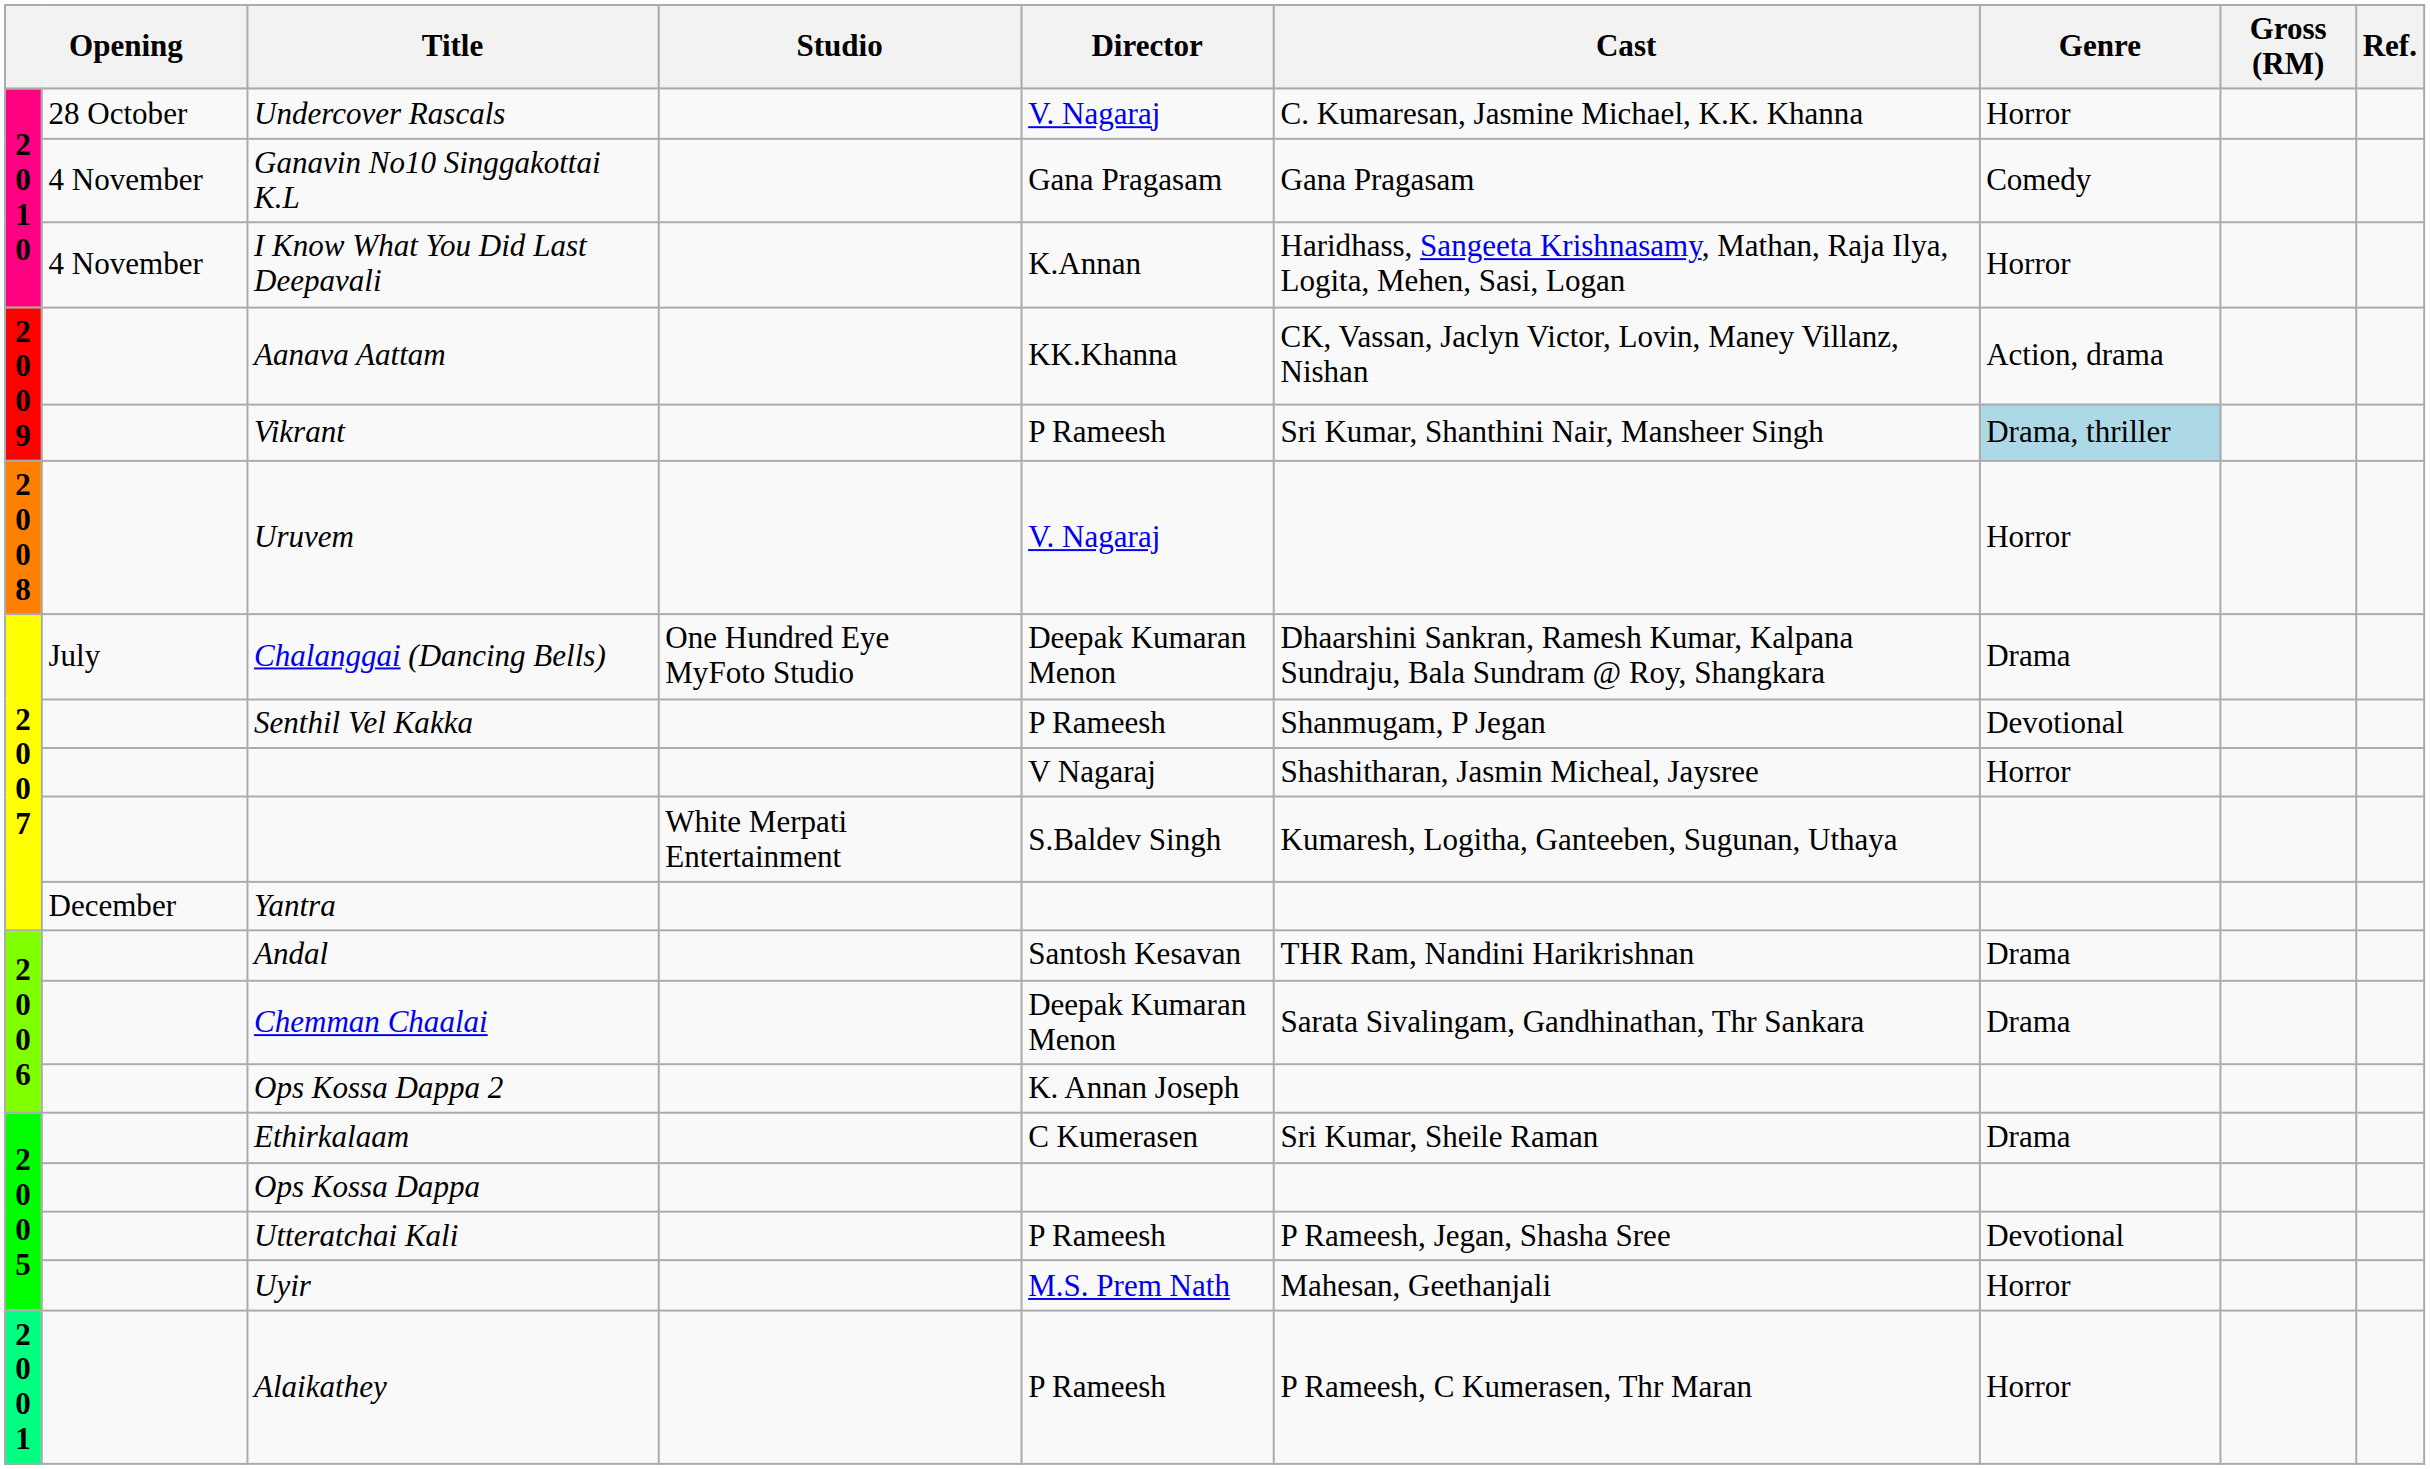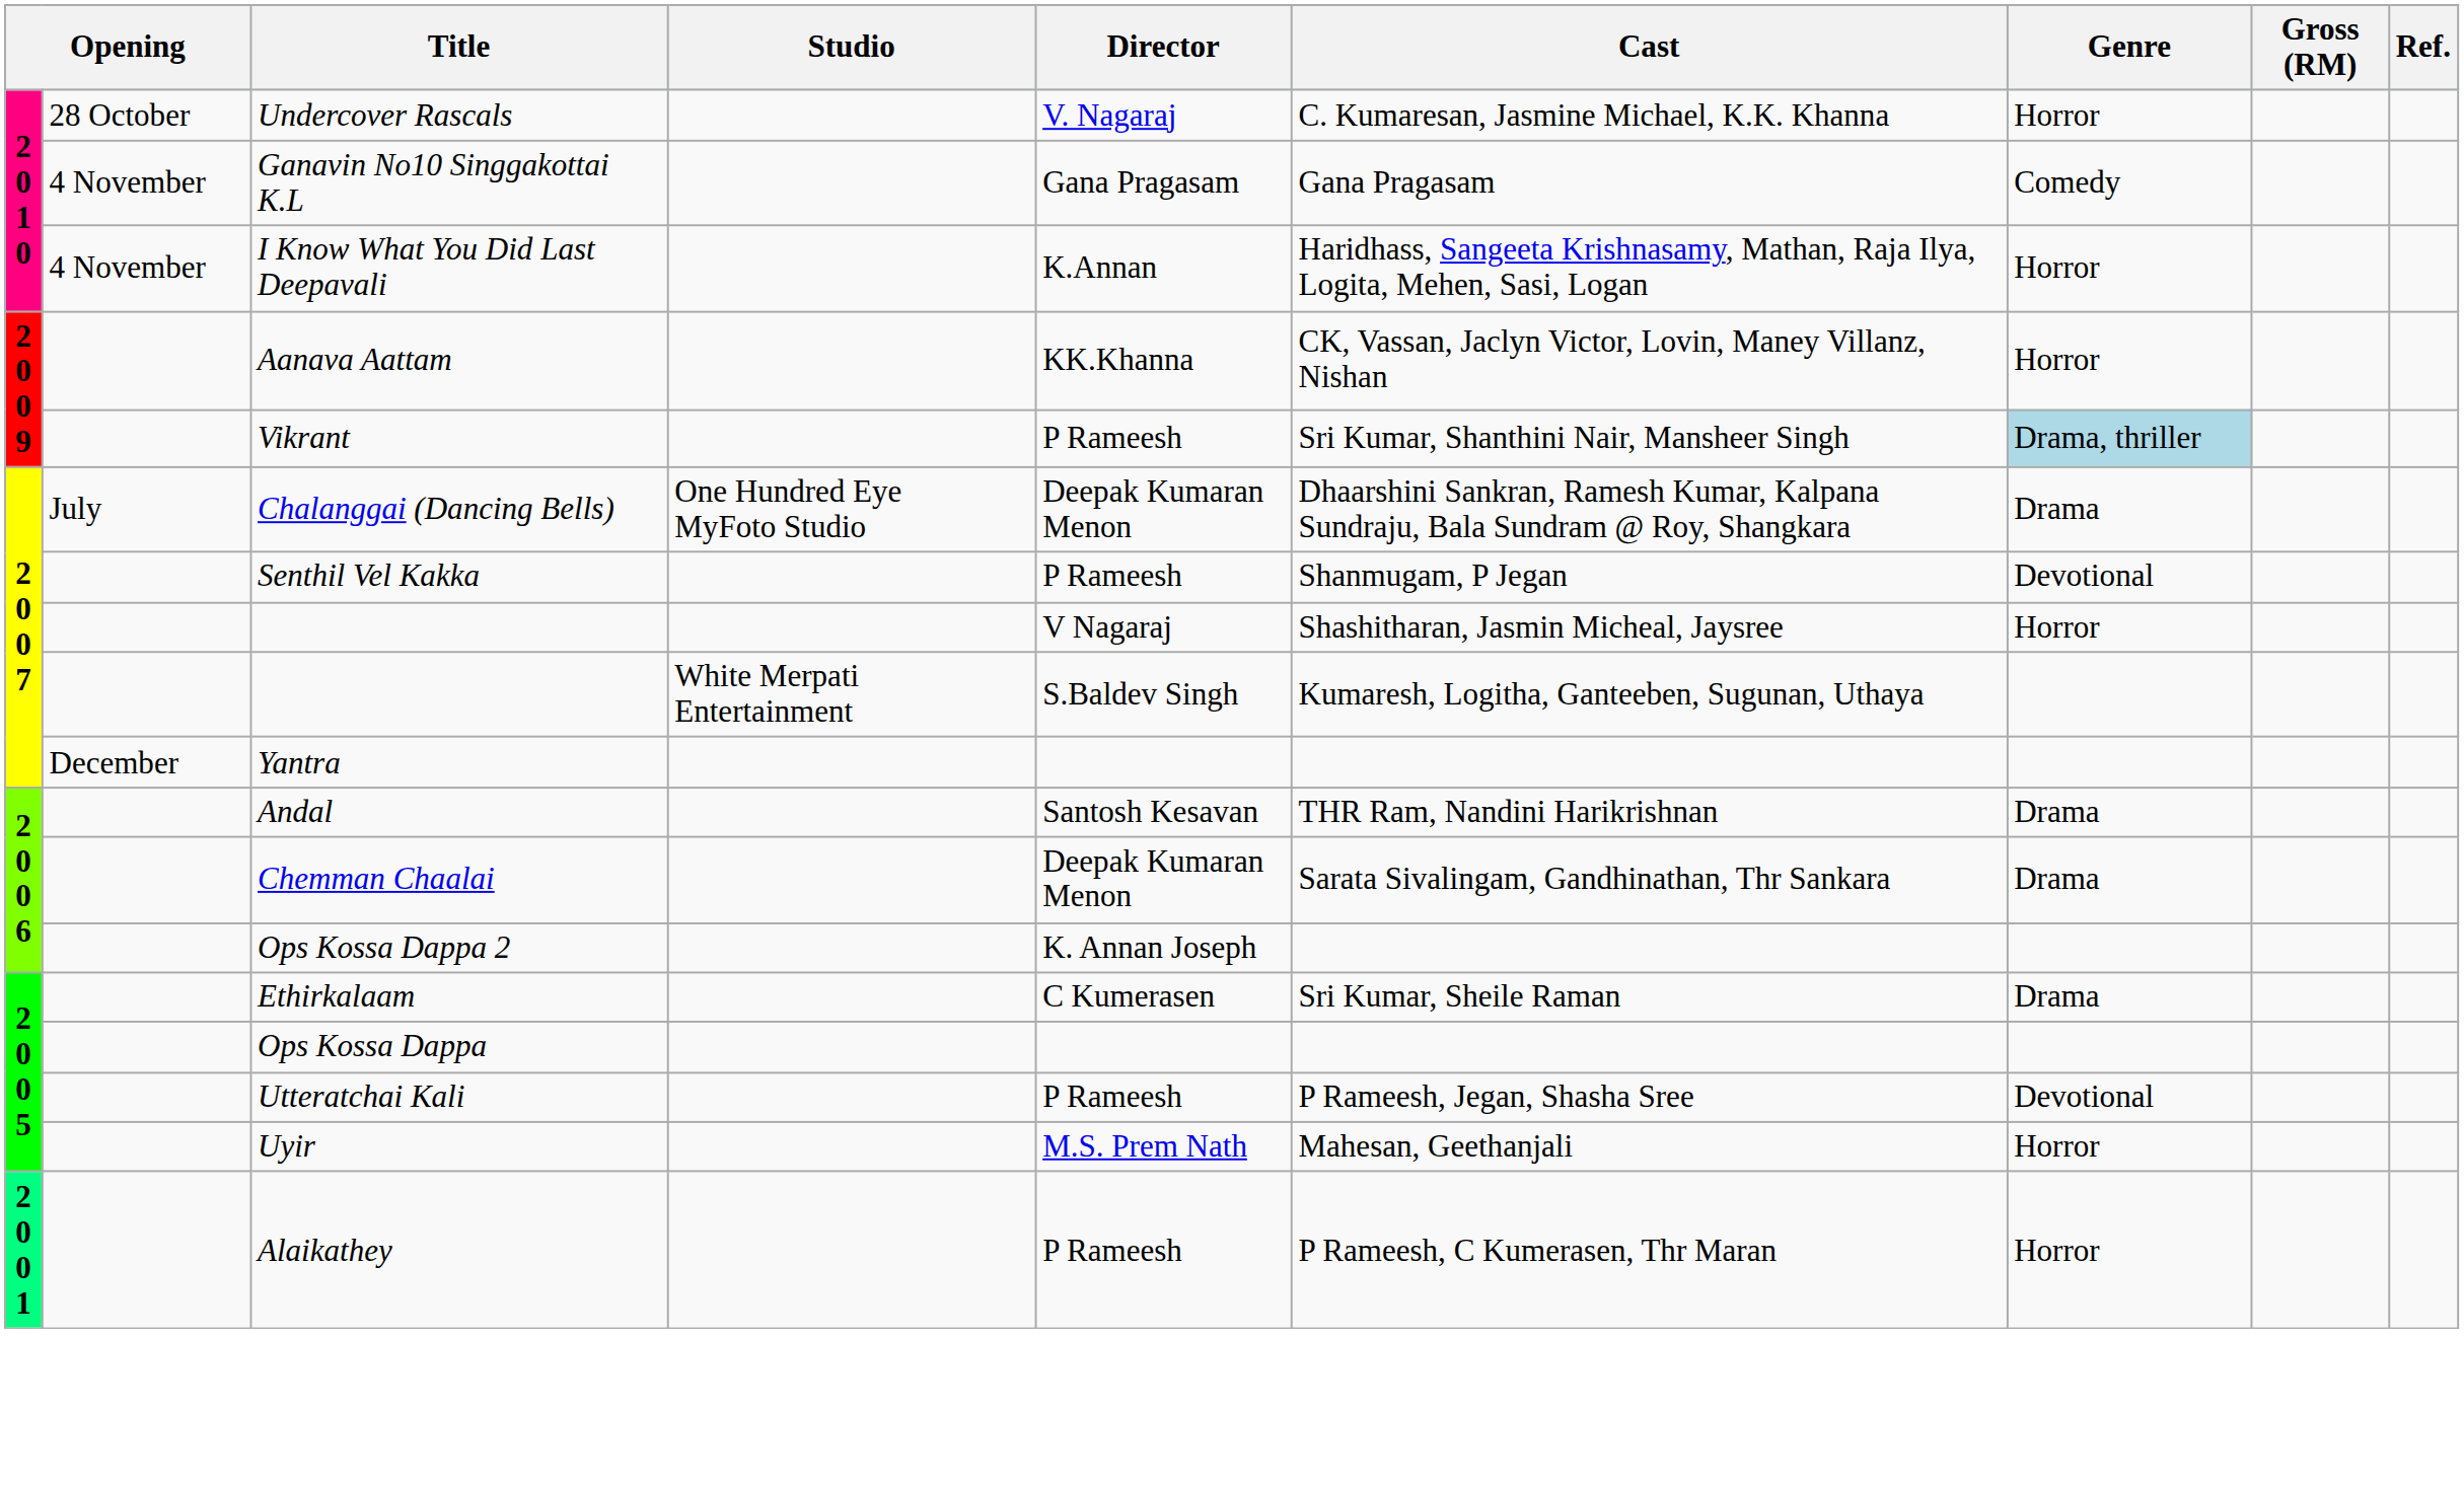 <table class="wikitable">
 <tr style="background:#b0e0e6; text-align:center;">
 <th colspan="2" ; style="width:10%;">Opening</th>
 <th style="width:17%;">Title</th>
 <th style="width:15%;">Studio</th>
 <th>Director</th>
 <th>Cast</th>
 <th style="width:10%;">Genre</th>
 <th>Gross (RM)</th>
 <th>Ref.</th>
 </tr>
 <tr>
 <th rowspan="3" style="text-align:center; background:#ff0080; textcolor:#000;">2<br>0<br>1<br>0</th>
 <td>28 October</td>
 <td><em>Undercover Rascals</em></td>
 <td></td>
 <td><a href='#'>V. Nagaraj</a></td>
 <td>C. Kumaresan, Jasmine Michael, K.K. Khanna</td>
 <td>Horror</td>
 <td></td>
 <td></td>
 </tr>
 <tr>
 <td>4 November</td>
 <td><em>Ganavin No10 Singgakottai K.L</em></td>
 <td></td>
 <td>Gana Pragasam</td>
 <td>Gana Pragasam</td>
 <td>Comedy</td>
 <td></td>
 <td></td>
 </tr>
 <tr>
 <td>4 November</td>
 <td><em>I Know What You Did Last Deepavali</em></td>
 <td></td>
 <td>K.Annan</td>
 <td>Haridhass, <a href='#'>Sangeeta Krishnasamy</a>, Mathan, Raja Ilya, Logita, Mehen, Sasi, Logan</td>
 <td>Horror</td>
 <td></td>
 <td></td>
 </tr>
 <tr>
 <th rowspan="2" style="text-align:center; background:#ff0000; textcolor:#000;">2<br>0<br>0<br>9</th>
 <td></td>
 <td><em>Aanava Aattam</em></td>
 <td></td>
 <td>KK.Khanna</td>
 <td>CK, Vassan, Jaclyn Victor, Lovin, Maney Villanz, Nishan</td>
-<td>Action, drama</td>
+<td>Horror</td>
 <td></td>
 <td></td>
 </tr>
 <tr>
 <td></td>
 <td><em>Vikrant</em></td>
 <td></td>
 <td>P Rameesh</td>
 <td>Sri Kumar, Shanthini Nair, Mansheer Singh</td>
 <td style="background: lightblue;">Drama, thriller</td>
-<td></td>
-<td></td>
-</tr>
-<tr>
-<th style="text-align:center; background:#ff8000; textcolor:#000;">2<br>0<br>0<br>8</th>
-<td></td>
-<td><em>Uruvem</em></td>
-<td></td>
-<td><a href='#'>V. Nagaraj</a></td>
-<td></td>
-<td>Horror</td>
 <td></td>
 <td></td>
 </tr>
 <tr>
 <th rowspan="5" style="text-align:center; background:#ffff00; textcolor:#000;">2<br>0<br>0<br>7</th>
 <td>July</td>
 <td><em><a href='#'>Chalanggai</a></em> <em>(Dancing Bells)</em></td>
 <td>One Hundred Eye<br>MyFoto Studio</td>
 <td>Deepak Kumaran Menon</td>
 <td>Dhaarshini Sankran, Ramesh Kumar, Kalpana Sundraju, Bala Sundram @ Roy, Shangkara</td>
 <td>Drama</td>
 <td></td>
 <td></td>
 </tr>
 <tr>
 <td></td>
 <td><em>Senthil Vel Kakka</em></td>
 <td></td>
 <td>P Rameesh</td>
 <td>Shanmugam, P Jegan</td>
 <td>Devotional</td>
 <td></td>
 <td></td>
 </tr>
 <tr>
 <td></td>
 <td><em></em></td>
 <td></td>
 <td>V Nagaraj</td>
 <td>Shashitharan, Jasmin Micheal, Jaysree</td>
 <td>Horror</td>
 <td></td>
 <td></td>
 </tr>
 <tr>
 <td></td>
 <td><em></em></td>
 <td>White Merpati Entertainment</td>
 <td>S.Baldev Singh</td>
 <td>Kumaresh, Logitha, Ganteeben, Sugunan, Uthaya</td>
 <td></td>
 <td></td>
 <td></td>
 </tr>
 <tr>
 <td>December</td>
 <td><em>Yantra</em></td>
 <td></td>
 <td></td>
 <td></td>
 <td></td>
 <td></td>
 <td></td>
 </tr>
 <tr>
 <th rowspan="3" style="text-align:center; background:#80ff00; textcolor:#000;">2<br>0<br>0<br>6</th>
 <td></td>
 <td><em>Andal</em></td>
 <td></td>
 <td>Santosh Kesavan</td>
 <td>THR Ram, Nandini Harikrishnan</td>
 <td>Drama</td>
 <td></td>
 <td></td>
 </tr>
 <tr>
 <td></td>
 <td><em><a href='#'>Chemman Chaalai</a></em></td>
 <td></td>
 <td>Deepak Kumaran Menon</td>
 <td>Sarata Sivalingam, Gandhinathan, Thr Sankara</td>
 <td>Drama</td>
 <td></td>
 <td></td>
 </tr>
 <tr>
 <td></td>
 <td><em>Ops Kossa Dappa 2</em></td>
 <td></td>
 <td>K. Annan Joseph</td>
 <td></td>
 <td></td>
 <td></td>
 <td></td>
 </tr>
 <tr>
 <th rowspan="4" style="text-align:center; background:#00ff00; textcolor:#000;">2<br>0<br>0<br>5</th>
 <td></td>
 <td><em>Ethirkalaam</em></td>
 <td></td>
 <td>C Kumerasen</td>
 <td>Sri Kumar, Sheile Raman</td>
 <td>Drama</td>
 <td></td>
 <td></td>
 </tr>
 <tr>
 <td></td>
 <td><em>Ops Kossa Dappa</em></td>
 <td></td>
 <td></td>
 <td></td>
 <td></td>
 <td></td>
 <td></td>
 </tr>
 <tr>
 <td></td>
 <td><em>Utteratchai Kali</em></td>
 <td></td>
 <td>P Rameesh</td>
 <td>P Rameesh, Jegan, Shasha Sree</td>
 <td>Devotional</td>
 <td></td>
 <td></td>
 </tr>
 <tr>
 <td></td>
 <td><em>Uyir</em></td>
 <td></td>
 <td><a href='#'>M.S. Prem Nath</a></td>
 <td>Mahesan, Geethanjali</td>
 <td>Horror</td>
 <td></td>
 <td></td>
 </tr>
 <tr>
 <th rowspan="1" style="text-align:center; background:#00ff80; textcolor:#000;">2<br>0<br>0<br>1</th>
 <td></td>
 <td><em>Alaikathey</em></td>
 <td></td>
 <td>P Rameesh</td>
 <td>P Rameesh, C Kumerasen, Thr Maran</td>
 <td>Horror</td>
 <td></td>
 <td></td>
 </tr>
 </table>
